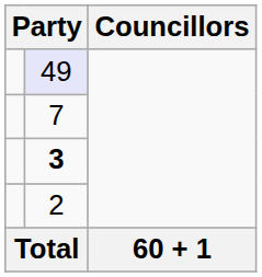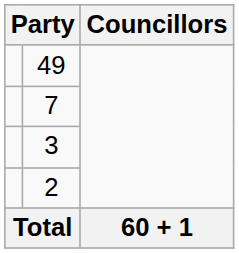 <table class="wikitable">
 <tr>
 <th colspan=2>Party</th>
 <th>Councillors</th>
 </tr>
 <tr>
 <td></td>
-<td align=center style="background: lavender;">49</td>
+<td align=center>49</td>
 </tr>
 <tr>
 <td></td>
 <td align=center>7</td>
 </tr>
 <tr>
 <td></td>
-<td align=center><strong>3</strong></td>
+<td align=center>3</td>
 </tr>
 <tr>
 <td></td>
 <td align=center>2</td>
 </tr>
 <tr>
 <th colspan=2>Total</th>
 <th align=center>60 + 1</th>
 </tr>
 </table>
